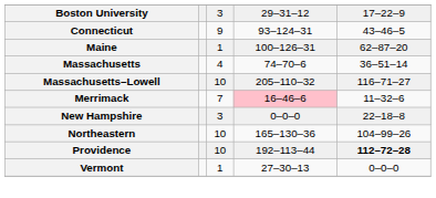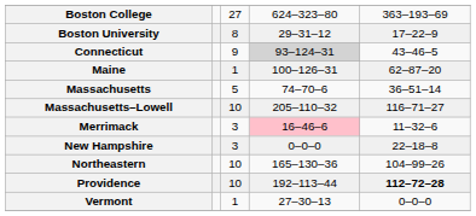 <table class="wikitable sortable" style="text-align: center; "width=50%">
 <tr>
+</tr>
+<tr>
+<th>Boston College</th>
+<td></td>
+<td>27</td>
+<td>624–323–80</td>
+<td>363–193–69</td>
 </tr>
 <tr bgcolor=f0f0f0>
 <th>Boston University</th>
 <td></td>
-<td>3</td>
+<td>8</td>
 <td>29–31–12</td>
 <td>17–22–9</td>
 </tr>
 <tr>
 <th>Connecticut</th>
 <td></td>
 <td>9</td>
-<td>93–124–31</td>
+<td style="background: lightgrey;">93–124–31</td>
 <td>43–46–5</td>
 </tr>
 <tr bgcolor=f0f0f0>
 <th>Maine</th>
 <td></td>
 <td>1</td>
 <td>100–126–31</td>
 <td>62–87–20</td>
 </tr>
 <tr>
 <th>Massachusetts</th>
 <td></td>
-<td>4</td>
+<td>5</td>
 <td>74–70–6</td>
 <td>36–51–14</td>
 </tr>
 <tr bgcolor=f0f0f0>
 <th>Massachusetts–Lowell</th>
 <td></td>
 <td>10</td>
 <td>205–110–32</td>
 <td>116–71–27</td>
 </tr>
 <tr>
 <th>Merrimack</th>
 <td></td>
-<td>7</td>
+<td>3</td>
 <td style="background: pink;">16–46–6</td>
 <td>11–32–6</td>
 </tr>
 <tr bgcolor=f0f0f0>
 <th>New Hampshire</th>
 <td></td>
 <td>3</td>
 <td>0–0–0</td>
 <td>22–18–8</td>
 </tr>
 <tr>
 <th>Northeastern</th>
 <td></td>
 <td>10</td>
 <td>165–130–36</td>
 <td>104–99–26</td>
 </tr>
 <tr bgcolor=f0f0f0>
 <th>Providence</th>
 <td></td>
 <td>10</td>
 <td>192–113–44</td>
 <td><strong>112–72–28</strong></td>
 </tr>
 <tr>
 <th>Vermont</th>
 <td></td>
 <td>1</td>
 <td>27–30–13</td>
 <td>0–0–0</td>
 </tr>
 <tr>
 </tr>
 </table>
